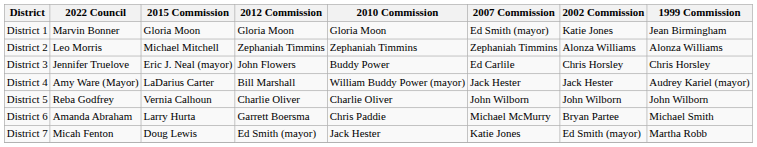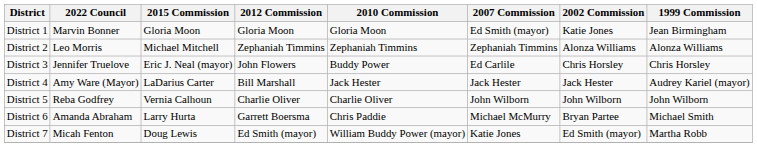 <table class="wikitable">
 <tr>
 <th>District</th>
 <th>2022 Council</th>
 <th>2015 Commission</th>
 <th>2012 Commission</th>
 <th>2010 Commission</th>
 <th>2007 Commission</th>
 <th>2002 Commission</th>
 <th>1999 Commission</th>
 </tr>
 <tr>
 <td>District 1</td>
 <td>Marvin Bonner</td>
 <td>Gloria Moon</td>
 <td>Gloria Moon</td>
 <td>Gloria Moon</td>
 <td>Ed Smith (mayor)</td>
 <td>Katie Jones</td>
 <td>Jean Birmingham</td>
 </tr>
 <tr>
 <td>District 2</td>
 <td>Leo Morris</td>
 <td>Michael Mitchell</td>
 <td>Zephaniah Timmins</td>
 <td>Zephaniah Timmins</td>
 <td>Zephaniah Timmins</td>
 <td>Alonza Williams</td>
 <td>Alonza Williams</td>
 </tr>
 <tr>
 <td>District 3</td>
 <td>Jennifer Truelove</td>
 <td>Eric J. Neal (mayor)</td>
 <td>John Flowers</td>
 <td>Buddy Power</td>
 <td>Ed Carlile</td>
 <td>Chris Horsley</td>
 <td>Chris Horsley</td>
 </tr>
 <tr>
 <td>District 4</td>
 <td>Amy Ware (Mayor)</td>
 <td>LaDarius Carter</td>
 <td>Bill Marshall</td>
-<td>William Buddy Power (mayor)</td>
+<td>Jack Hester</td>
 <td>Jack Hester</td>
 <td>Jack Hester</td>
 <td>Audrey Kariel (mayor)</td>
 </tr>
 <tr>
 <td>District 5</td>
 <td>Reba Godfrey</td>
 <td>Vernia Calhoun</td>
 <td>Charlie Oliver</td>
 <td>Charlie Oliver</td>
 <td>John Wilborn</td>
 <td>John Wilborn</td>
 <td>John Wilborn</td>
 </tr>
 <tr>
 <td>District 6</td>
 <td>Amanda Abraham</td>
 <td>Larry Hurta</td>
 <td>Garrett Boersma</td>
 <td>Chris Paddie</td>
 <td>Michael McMurry</td>
 <td>Bryan Partee</td>
 <td>Michael Smith</td>
 </tr>
 <tr>
 <td>District 7</td>
 <td>Micah Fenton</td>
 <td>Doug Lewis</td>
 <td>Ed Smith (mayor)</td>
-<td>Jack Hester</td>
+<td>William Buddy Power (mayor)</td>
 <td>Katie Jones</td>
 <td>Ed Smith (mayor)</td>
 <td>Martha Robb</td>
 </tr>
 <tr>
 </tr>
 </table>
